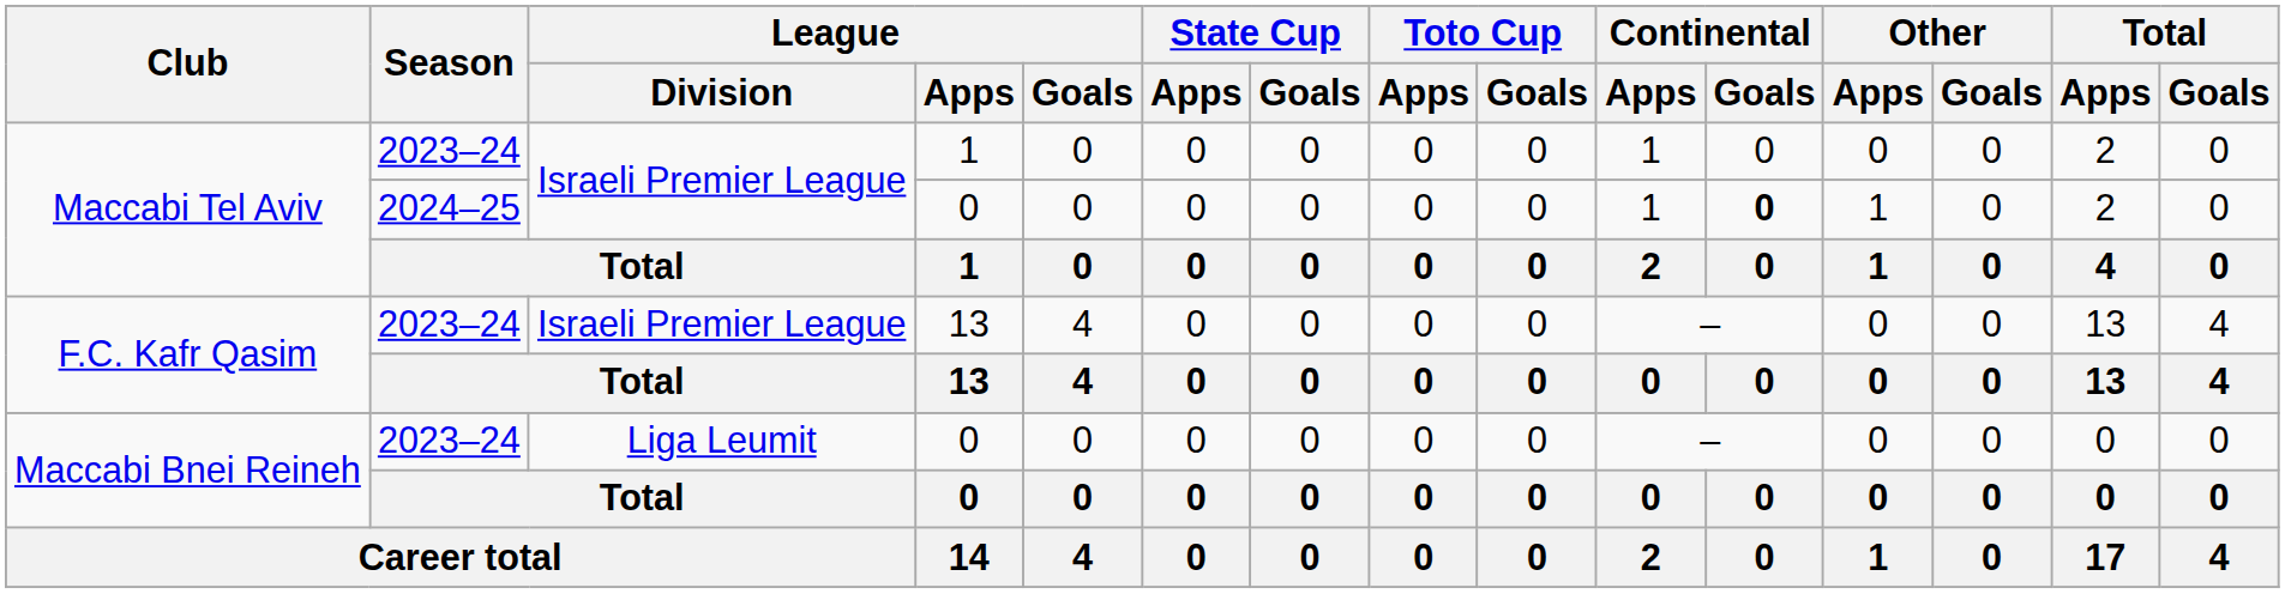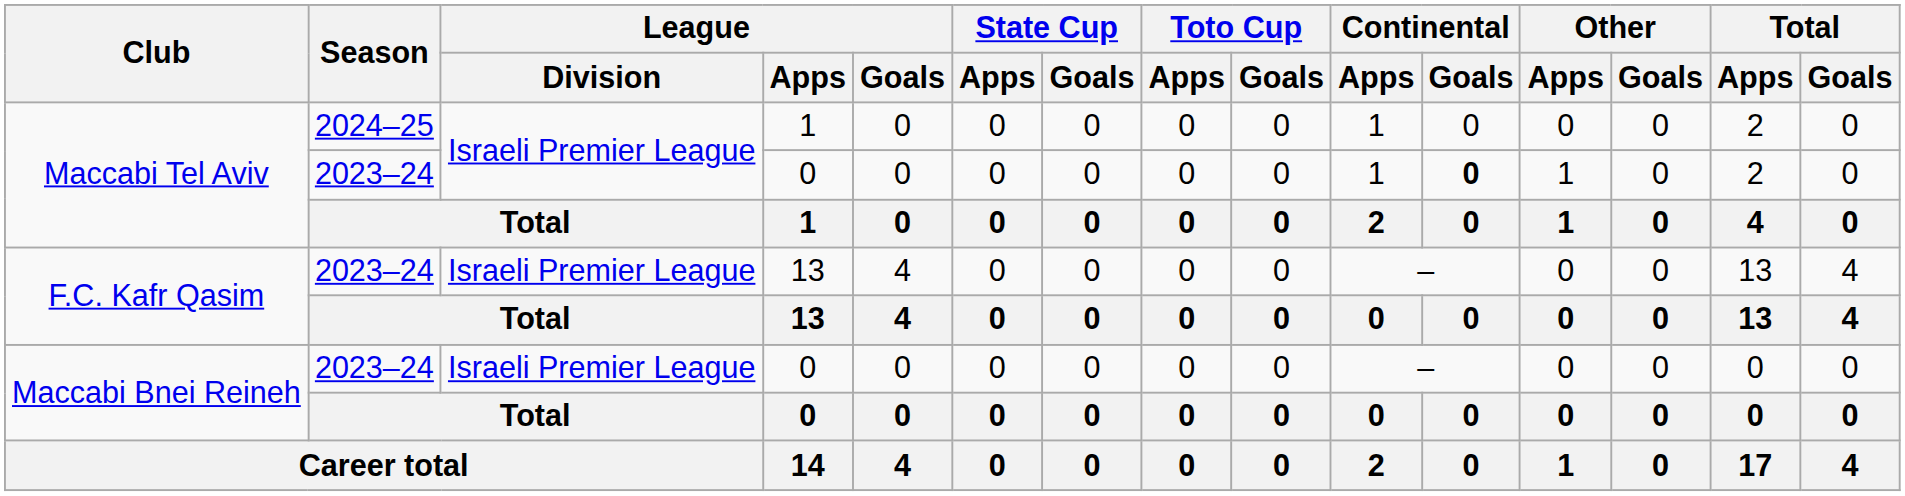 <table class="wikitable" style="text-align: center">
 <tr>
 <th rowspan="2">Club</th>
 <th rowspan="2">Season</th>
 <th colspan="3">League</th>
 <th colspan="2"><a href='#'>State Cup</a></th>
 <th colspan="2"><a href='#'>Toto Cup</a></th>
 <th colspan="2">Continental</th>
 <th colspan="2">Other</th>
 <th colspan="2">Total</th>
 </tr>
 <tr>
 <th>Division</th>
 <th>Apps</th>
 <th>Goals</th>
 <th>Apps</th>
 <th>Goals</th>
 <th>Apps</th>
 <th>Goals</th>
 <th>Apps</th>
 <th>Goals</th>
 <th>Apps</th>
 <th>Goals</th>
 <th>Apps</th>
 <th>Goals</th>
 </tr>
 <tr>
 <td rowspan="3"><a href='#'>Maccabi Tel Aviv</a></td>
-<td><a href='#'>2023–24</a></td>
+<td><a href='#'>2024–25</a></td>
 <td rowspan="2"><a href='#'>Israeli Premier League</a></td>
 <td>1</td>
 <td>0</td>
 <td>0</td>
 <td>0</td>
 <td>0</td>
 <td>0</td>
 <td>1</td>
 <td>0</td>
 <td>0</td>
 <td>0</td>
 <td>2</td>
 <td>0</td>
 </tr>
 <tr>
-<td><a href='#'>2024–25</a></td>
+<td><a href='#'>2023–24</a></td>
 <td>0</td>
 <td>0</td>
 <td>0</td>
 <td>0</td>
 <td>0</td>
 <td>0</td>
 <td>1</td>
 <td><strong>0</strong></td>
 <td>1</td>
 <td>0</td>
 <td>2</td>
 <td>0</td>
 </tr>
 <tr>
 <th colspan="2"><strong>Total</strong></th>
 <th>1</th>
 <th>0</th>
 <th>0</th>
 <th>0</th>
 <th>0</th>
 <th>0</th>
 <th>2</th>
 <th>0</th>
 <th>1</th>
 <th>0</th>
 <th>4</th>
 <th>0</th>
 </tr>
 <tr>
 <td rowspan="2"><a href='#'>F.C. Kafr Qasim</a></td>
 <td><a href='#'>2023–24</a></td>
 <td rowspan="1"><a href='#'>Israeli Premier League</a></td>
 <td>13</td>
 <td>4</td>
 <td>0</td>
 <td>0</td>
 <td>0</td>
 <td>0</td>
 <td colspan="2">–</td>
 <td>0</td>
 <td>0</td>
 <td>13</td>
 <td>4</td>
 </tr>
 <tr>
 <th colspan="2"><strong>Total</strong></th>
 <th>13</th>
 <th>4</th>
 <th>0</th>
 <th>0</th>
 <th>0</th>
 <th>0</th>
 <th>0</th>
 <th>0</th>
 <th>0</th>
 <th>0</th>
 <th>13</th>
 <th>4</th>
 </tr>
 <tr>
 <td rowspan="2"><a href='#'>Maccabi Bnei Reineh</a></td>
 <td><a href='#'>2023–24</a></td>
-<td rowspan="1"><a href='#'>Liga Leumit</a></td>
+<td rowspan="1"><a href='#'>Israeli Premier League</a></td>
 <td>0</td>
 <td>0</td>
 <td>0</td>
 <td>0</td>
 <td>0</td>
 <td>0</td>
 <td colspan="2">–</td>
 <td>0</td>
 <td>0</td>
 <td>0</td>
 <td>0</td>
 </tr>
 <tr>
 <th colspan="2"><strong>Total</strong></th>
 <th>0</th>
 <th>0</th>
 <th>0</th>
 <th>0</th>
 <th>0</th>
 <th>0</th>
 <th>0</th>
 <th>0</th>
 <th>0</th>
 <th>0</th>
 <th>0</th>
 <th>0</th>
 </tr>
 <tr>
 <th colspan="3"><strong>Career total</strong></th>
 <th>14</th>
 <th>4</th>
 <th>0</th>
 <th>0</th>
 <th>0</th>
 <th>0</th>
 <th>2</th>
 <th>0</th>
 <th>1</th>
 <th>0</th>
 <th>17</th>
 <th>4</th>
 </tr>
 </table>
